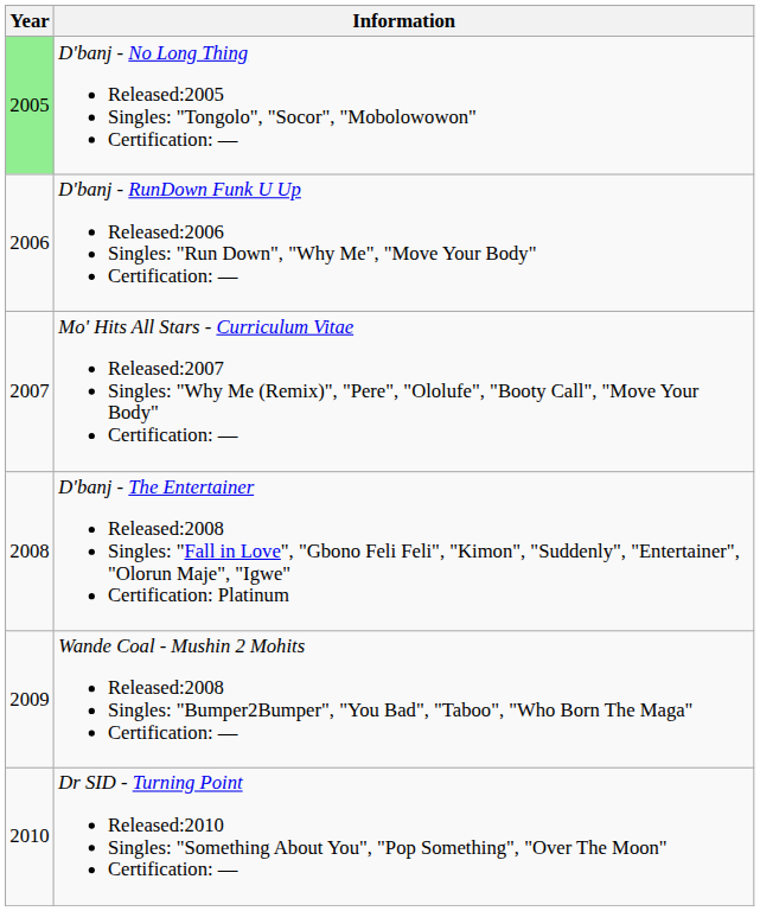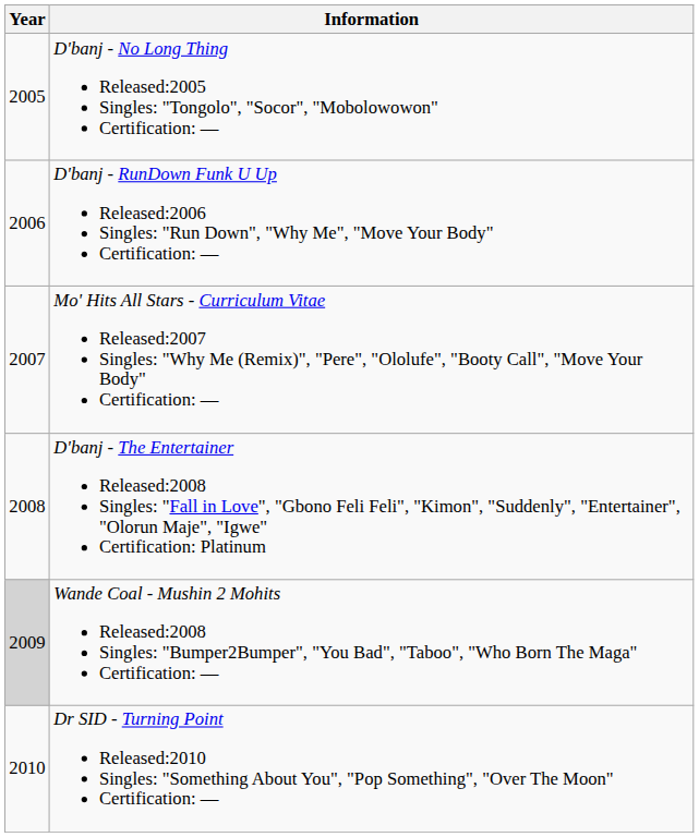 <table class="wikitable">
 <tr>
 <th align="center">Year</th>
 <th align="center">Information</th>
 </tr>
 <tr>
-<td rowspan="1" style="background: lightgreen;">2005</td>
+<td rowspan="1">2005</td>
 <td align="left"><em>D'banj - <a href='#'>No Long Thing</a></em><br><ul><li>Released:2005</li><li>Singles: "Tongolo", "Socor", "Mobolowowon"</li><li>Certification: —</li></ul></td>
 </tr>
 <tr>
 <td rowspan="1">2006</td>
 <td align="left"><em>D'banj - <a href='#'>RunDown Funk U Up</a></em><br><ul><li>Released:2006</li><li>Singles: "Run Down", "Why Me", "Move Your Body"</li><li>Certification: —</li></ul></td>
 </tr>
 <tr>
 <td rowspan="1">2007</td>
 <td align="left"><em>Mo' Hits All Stars - <a href='#'>Curriculum Vitae</a></em><br><ul><li>Released:2007</li><li>Singles: "Why Me (Remix)", "Pere", "Ololufe", "Booty Call", "Move Your Body"</li><li>Certification: —</li></ul></td>
 </tr>
 <tr>
 <td rowspan="1">2008</td>
 <td align="left"><em>D'banj - <a href='#'>The Entertainer</a></em><br><ul><li>Released:2008</li><li>Singles: "<a href='#'>Fall in Love</a>", "Gbono Feli Feli", "Kimon", "Suddenly", "Entertainer", "Olorun Maje", "Igwe"</li><li>Certification: Platinum</li></ul></td>
 </tr>
 <tr>
-<td rowspan="1">2009</td>
+<td rowspan="1" style="background: lightgrey;">2009</td>
 <td align="left"><em>Wande Coal - Mushin 2 Mohits</em><br><ul><li>Released:2008</li><li>Singles: "Bumper2Bumper", "You Bad", "Taboo", "Who Born The Maga"</li><li>Certification: —</li></ul></td>
 </tr>
 <tr>
 <td rowspan="1">2010</td>
 <td align="left"><em>Dr SID - <a href='#'>Turning Point</a></em><br><ul><li>Released:2010</li><li>Singles: "Something About You", "Pop Something", "Over The Moon"</li><li>Certification: —</li></ul></td>
 </tr>
 </table>
